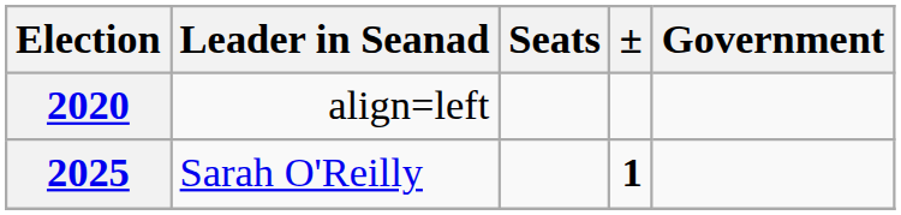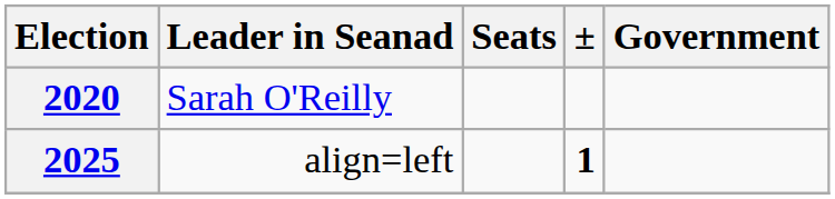 <table class="wikitable" style="font-size:97%; text-align:right;">
 <tr>
 <th>Election</th>
 <th>Leader in Seanad</th>
 <th>Seats</th>
 <th>±</th>
 <th>Government</th>
 </tr>
 <tr>
 <th><a href='#'>2020</a></th>
-<td>align=left </td>
+<td align=left><a href='#'>Sarah O'Reilly</a></td>
 <td></td>
 <td></td>
 <td></td>
 </tr>
 <tr>
 <th><a href='#'>2025</a></th>
-<td align=left><a href='#'>Sarah O'Reilly</a></td>
+<td>align=left </td>
 <td></td>
 <td><strong> 1</strong></td>
 <td></td>
 </tr>
 <tr>
 </tr>
 </table>
